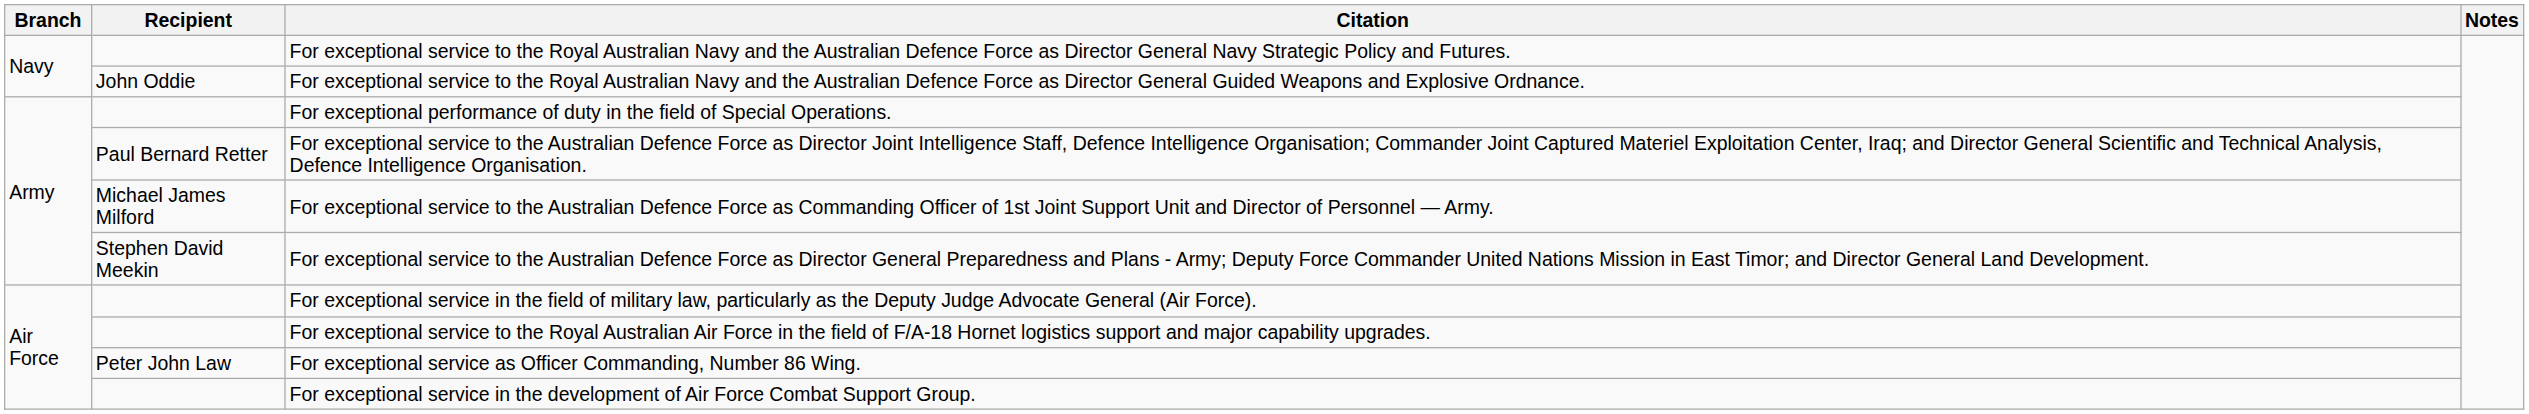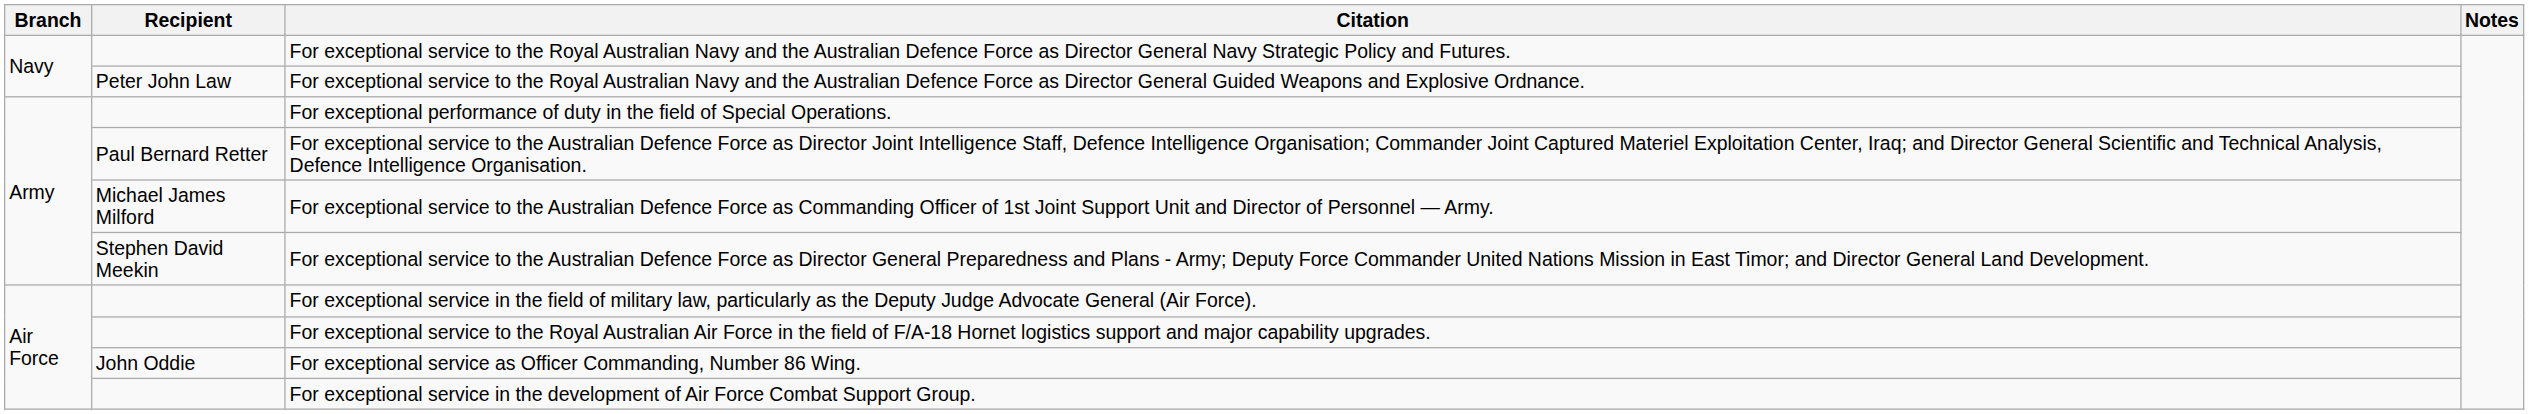 <table class="wikitable" style="font-size:95%;">
 <tr>
 <th>Branch</th>
 <th>Recipient</th>
 <th>Citation</th>
 <th>Notes</th>
 </tr>
 <tr>
 <td rowspan=2>Navy</td>
 <td></td>
 <td>For exceptional service to the Royal Australian Navy and the Australian Defence Force as Director General Navy Strategic Policy and Futures.</td>
 <td rowspan=10></td>
 </tr>
 <tr>
-<td> John Oddie </td>
+<td> Peter John Law </td>
 <td>For exceptional service to the Royal Australian Navy and the Australian Defence Force as Director General Guided Weapons and Explosive Ordnance.</td>
 </tr>
 <tr>
 <td rowspan=4>Army</td>
 <td></td>
 <td>For exceptional performance of duty in the field of Special Operations.</td>
 </tr>
 <tr>
 <td> Paul Bernard Retter</td>
 <td>For exceptional service to the Australian Defence Force as Director Joint Intelligence Staff, Defence Intelligence Organisation; Commander Joint Captured Materiel Exploitation Center, Iraq; and Director General Scientific and Technical Analysis, Defence Intelligence Organisation.</td>
 </tr>
 <tr>
 <td> Michael James Milford</td>
 <td>For exceptional service to the Australian Defence Force as Commanding Officer of 1st Joint Support Unit and Director of Personnel — Army.</td>
 </tr>
 <tr>
 <td> Stephen David Meekin</td>
 <td>For exceptional service to the Australian Defence Force as Director General Preparedness and Plans - Army; Deputy Force Commander United Nations Mission in East Timor; and Director General Land Development.</td>
 </tr>
 <tr>
 <td rowspan=4>Air Force</td>
 <td></td>
 <td>For exceptional service in the field of military law, particularly as the Deputy Judge Advocate General (Air Force).</td>
 </tr>
 <tr>
 <td></td>
 <td>For exceptional service to the Royal Australian Air Force in the field of F/A-18 Hornet logistics support and major capability upgrades.</td>
 </tr>
 <tr>
-<td> Peter John Law </td>
+<td> John Oddie </td>
 <td>For exceptional service as Officer Commanding, Number 86 Wing.</td>
 </tr>
 <tr>
 <td></td>
 <td>For exceptional service in the development of Air Force Combat Support Group.</td>
 </tr>
 </table>
